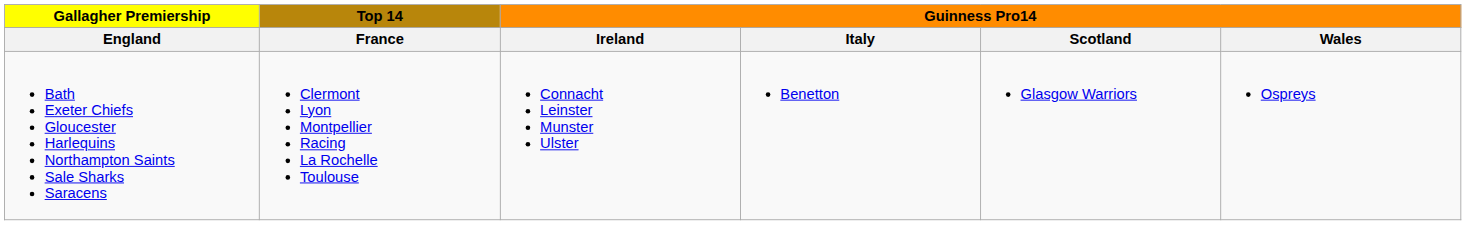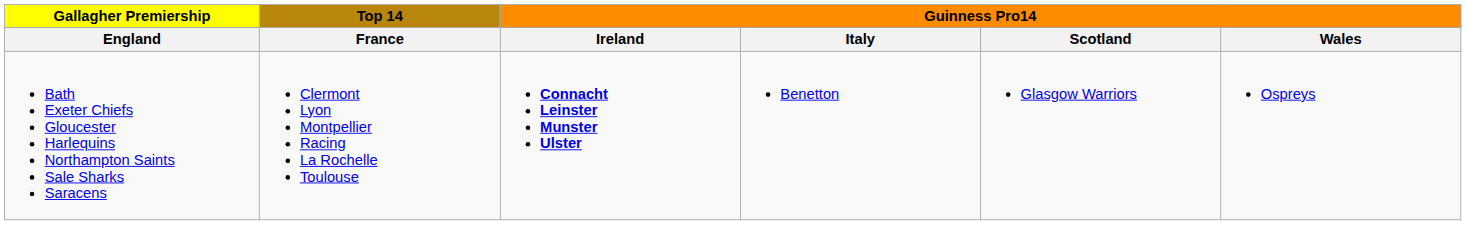 <table class="wikitable" style="width:100%;">
 <tr>
 <th style="background: #ffff00;">Gallagher Premiership</th>
 <th style="background: #b8860b;">Top 14</th>
 <th colspan="4" style="background: #ff8c00;">Guinness Pro14</th>
 </tr>
 <tr>
 <th width=17%> England</th>
 <th width=16%> France</th>
 <th width=16%> Ireland</th>
 <th width=16%> Italy</th>
 <th width=16%> Scotland</th>
 <th width=16%> Wales</th>
 </tr>
 <tr valign=top>
 <td><br><ul><li><a href='#'>Bath</a></li><li><a href='#'>Exeter Chiefs</a></li><li><a href='#'>Gloucester</a></li><li><a href='#'>Harlequins</a></li><li><a href='#'>Northampton Saints</a></li><li><a href='#'>Sale Sharks</a></li><li><a href='#'>Saracens</a></li></ul></td>
 <td><br><ul><li><a href='#'>Clermont</a></li><li><a href='#'>Lyon</a></li><li><a href='#'>Montpellier</a></li><li><a href='#'>Racing</a></li><li><a href='#'>La Rochelle</a></li><li><a href='#'>Toulouse</a></li></ul></td>
-<td><br><ul><li><a href='#'>Connacht</a></li><li><a href='#'>Leinster</a></li><li><a href='#'>Munster</a></li><li><a href='#'>Ulster</a></li></ul></td>
+<td><strong><br><ul><li><a href='#'>Connacht</a></li><li><a href='#'>Leinster</a></li><li><a href='#'>Munster</a></li><li><a href='#'>Ulster</a></li></ul></strong></td>
 <td><br><ul><li><a href='#'>Benetton</a></li></ul></td>
 <td><br><ul><li><a href='#'>Glasgow Warriors</a></li></ul></td>
 <td><br><ul><li><a href='#'>Ospreys</a></li></ul></td>
 </tr>
 </table>
